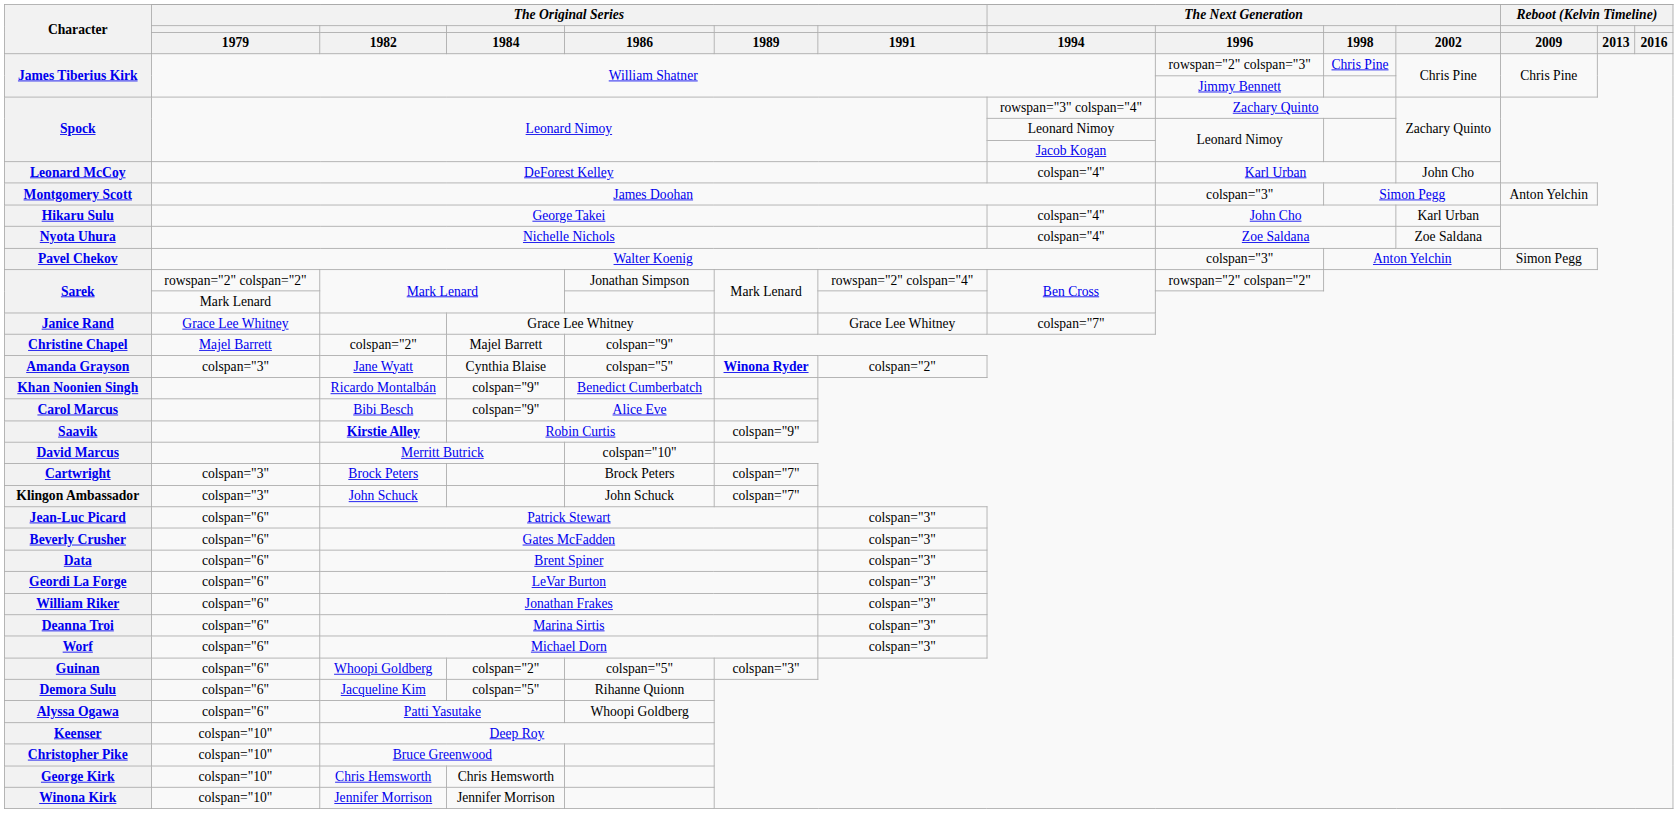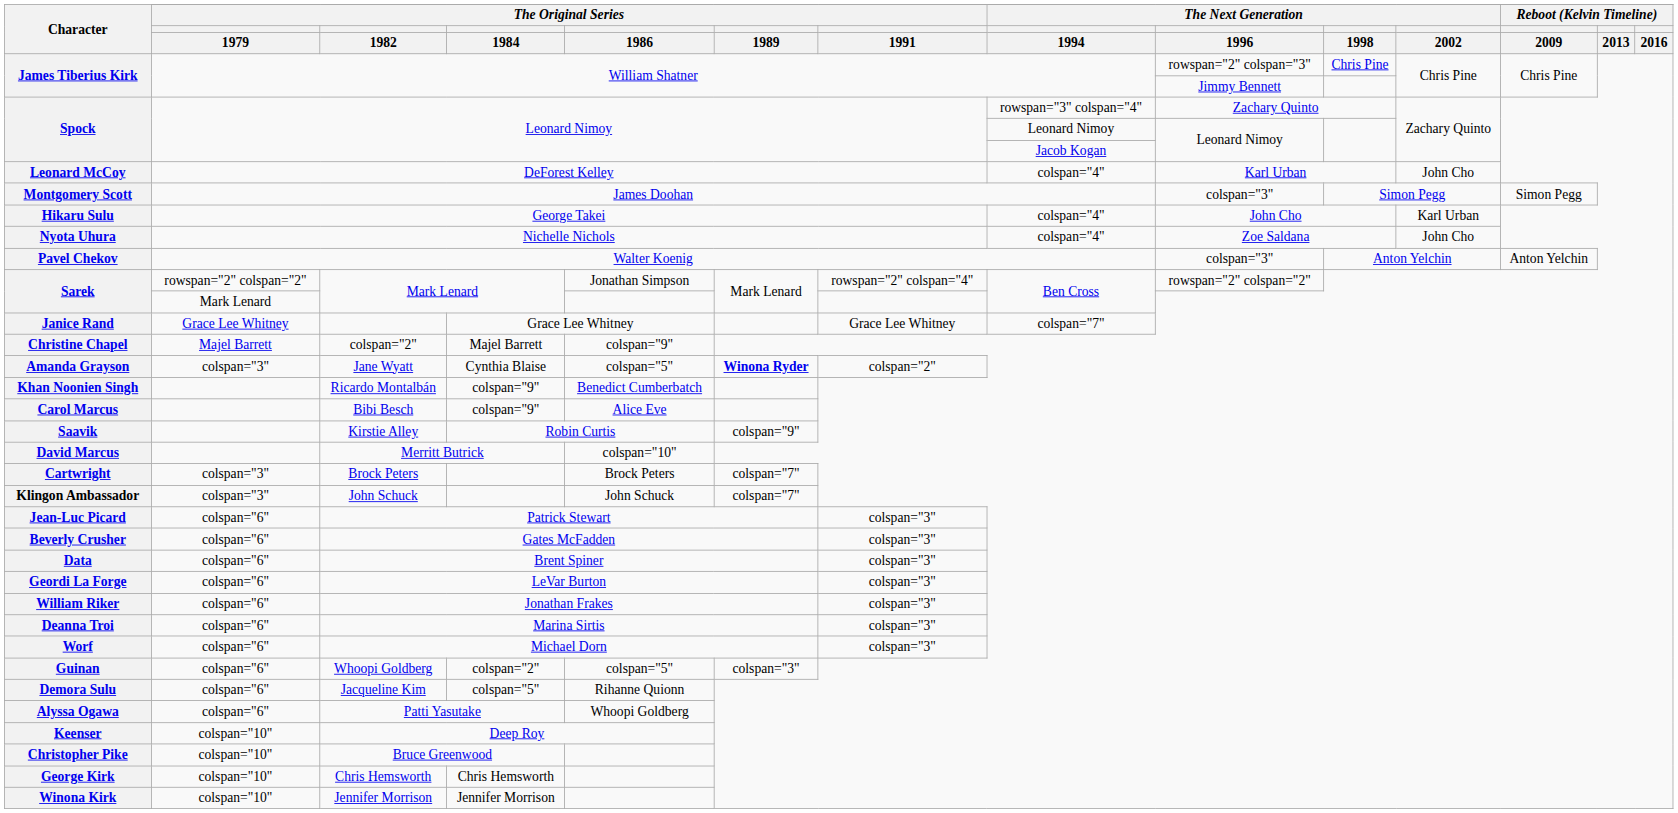 <table class="wikitable" style="text-align:center; width:99%;">
 <tr>
 <th rowspan="4">Character</th>
 </tr>
 <tr>
 <th colspan="6"><em>The Original Series</em></th>
 <th colspan="4"><em>The Next Generation</em></th>
 <th colspan="3"><em>Reboot (Kelvin Timeline)</em></th>
 </tr>
 <tr>
 <th><em><a href='#'></a></em></th>
 <th><em><a href='#'></a></em></th>
 <th><em><a href='#'></a></em></th>
 <th><em><a href='#'></a></em></th>
 <th><em><a href='#'></a></em></th>
 <th><em><a href='#'></a></em></th>
 <th><em><a href='#'></a></em></th>
 <th><em><a href='#'></a></em></th>
 <th><em><a href='#'></a></em></th>
 <th><em><a href='#'></a></em></th>
 <th><em><a href='#'></a></em></th>
 <th><em><a href='#'></a></em></th>
 <th><em><a href='#'></a></em></th>
 </tr>
 <tr>
 <th>1979</th>
 <th>1982</th>
 <th>1984</th>
 <th>1986</th>
 <th>1989</th>
 <th>1991</th>
 <th>1994</th>
 <th>1996</th>
 <th>1998</th>
 <th>2002</th>
 <th>2009</th>
 <th>2013</th>
 <th>2016</th>
 </tr>
 <tr>
 <th rowspan="2"><a href='#'>James Tiberius Kirk</a></th>
 <td rowspan="2" colspan="7"><a href='#'>William Shatner</a></td>
 <td>rowspan="2" colspan="3" </td>
 <td><a href='#'>Chris Pine</a></td>
 <td rowspan="2">Chris Pine</td>
 <td rowspan="2">Chris Pine</td>
 </tr>
 <tr>
 <td><a href='#'>Jimmy Bennett</a></td>
 </tr>
 <tr>
 <th rowspan="3"><a href='#'>Spock</a></th>
 <td rowspan="3" colspan="6"><a href='#'>Leonard Nimoy</a></td>
 <td>rowspan="3" colspan="4" </td>
 <td colspan="2"><a href='#'>Zachary Quinto</a></td>
 <td rowspan="3">Zachary Quinto</td>
 </tr>
 <tr>
 <td>Leonard Nimoy</td>
 <td rowspan="2">Leonard Nimoy</td>
 </tr>
 <tr>
 <td><a href='#'>Jacob Kogan</a></td>
 </tr>
 <tr>
 <th><a href='#'>Leonard McCoy</a></th>
 <td colspan="6"><a href='#'>DeForest Kelley</a></td>
 <td>colspan="4" </td>
 <td colspan="2"><a href='#'>Karl Urban</a></td>
 <td>John Cho</td>
 </tr>
 <tr>
 <th><a href='#'>Montgomery Scott</a></th>
 <td colspan="7"><a href='#'>James Doohan</a></td>
 <td>colspan="3" </td>
 <td colspan="2"><a href='#'>Simon Pegg</a></td>
-<td>Anton Yelchin</td>
+<td>Simon Pegg</td>
 </tr>
 <tr>
 <th><a href='#'>Hikaru Sulu</a></th>
 <td colspan="6"><a href='#'>George Takei</a></td>
 <td>colspan="4" </td>
 <td colspan="2"><a href='#'>John Cho</a></td>
 <td>Karl Urban</td>
 </tr>
 <tr>
 <th><a href='#'>Nyota Uhura</a></th>
 <td colspan="6"><a href='#'>Nichelle Nichols</a></td>
 <td>colspan="4" </td>
 <td colspan="2"><a href='#'>Zoe Saldana</a></td>
-<td>Zoe Saldana</td>
+<td>John Cho</td>
 </tr>
 <tr>
 <th><a href='#'>Pavel Chekov</a></th>
 <td colspan="7"><a href='#'>Walter Koenig</a></td>
 <td>colspan="3" </td>
 <td colspan="2"><a href='#'>Anton Yelchin</a></td>
-<td>Simon Pegg</td>
+<td>Anton Yelchin</td>
 </tr>
 <tr>
 <th rowspan="2"><a href='#'>Sarek</a></th>
 <td>rowspan="2" colspan="2" </td>
 <td rowspan="2" colspan="2"><a href='#'>Mark Lenard</a></td>
 <td>Jonathan Simpson</td>
 <td rowspan="2">Mark Lenard</td>
 <td>rowspan="2" colspan="4" </td>
 <td rowspan="2"><a href='#'>Ben Cross</a></td>
 <td>rowspan="2" colspan="2" </td>
 </tr>
 <tr>
 <td>Mark Lenard</td>
 </tr>
 <tr>
 <th><a href='#'>Janice Rand</a></th>
 <td><a href='#'>Grace Lee Whitney</a></td>
 <td></td>
 <td colspan="2">Grace Lee Whitney</td>
 <td></td>
 <td>Grace Lee Whitney</td>
 <td>colspan="7" </td>
 </tr>
 <tr>
 <th><a href='#'>Christine Chapel</a></th>
 <td><a href='#'>Majel Barrett</a></td>
 <td>colspan="2" </td>
 <td>Majel Barrett</td>
 <td>colspan="9" </td>
 </tr>
 <tr>
 <th><a href='#'>Amanda Grayson</a></th>
 <td>colspan="3" </td>
 <td><a href='#'>Jane Wyatt</a></td>
 <td>Cynthia Blaise</td>
 <td>colspan="5" </td>
 <td><strong><a href='#'>Winona Ryder</a></strong></td>
 <td>colspan="2" </td>
 </tr>
 <tr>
 <th><a href='#'>Khan Noonien Singh</a></th>
 <td></td>
 <td><a href='#'>Ricardo Montalbán</a></td>
 <td>colspan="9" </td>
 <td><a href='#'>Benedict Cumberbatch</a></td>
 <td></td>
 </tr>
 <tr>
 <th><a href='#'>Carol Marcus</a></th>
 <td></td>
 <td><a href='#'>Bibi Besch</a></td>
 <td>colspan="9" </td>
 <td><a href='#'>Alice Eve</a></td>
 <td></td>
 </tr>
 <tr>
 <th><a href='#'>Saavik</a></th>
 <td></td>
-<td><strong><a href='#'>Kirstie Alley</a></strong></td>
+<td><a href='#'>Kirstie Alley</a></td>
 <td colspan="2"><a href='#'>Robin Curtis</a></td>
 <td>colspan="9" </td>
 </tr>
 <tr>
 <th><a href='#'>David Marcus</a></th>
 <td></td>
 <td colspan="2"><a href='#'>Merritt Butrick</a></td>
 <td>colspan="10" </td>
 </tr>
 <tr>
 <th><a href='#'>Cartwright</a></th>
 <td>colspan="3" </td>
 <td><a href='#'>Brock Peters</a></td>
 <td></td>
 <td>Brock Peters</td>
 <td>colspan="7" </td>
 </tr>
 <tr>
 <th>Klingon Ambassador</th>
 <td>colspan="3" </td>
 <td><a href='#'>John Schuck</a></td>
 <td></td>
 <td>John Schuck</td>
 <td>colspan="7" </td>
 </tr>
 <tr>
 <th><a href='#'>Jean-Luc Picard</a></th>
 <td>colspan="6" </td>
 <td colspan="4"><a href='#'>Patrick Stewart</a></td>
 <td>colspan="3" </td>
 </tr>
 <tr>
 <th><a href='#'>Beverly Crusher</a></th>
 <td>colspan="6" </td>
 <td colspan="4"><a href='#'>Gates McFadden</a></td>
 <td>colspan="3" </td>
 </tr>
 <tr>
 <th><a href='#'>Data</a></th>
 <td>colspan="6" </td>
 <td colspan="4"><a href='#'>Brent Spiner</a></td>
 <td>colspan="3" </td>
 </tr>
 <tr>
 <th><a href='#'>Geordi La Forge</a></th>
 <td>colspan="6" </td>
 <td colspan="4"><a href='#'>LeVar Burton</a></td>
 <td>colspan="3" </td>
 </tr>
 <tr>
 <th><a href='#'>William Riker</a></th>
 <td>colspan="6" </td>
 <td colspan="4"><a href='#'>Jonathan Frakes</a></td>
 <td>colspan="3" </td>
 </tr>
 <tr>
 <th><a href='#'>Deanna Troi</a></th>
 <td>colspan="6" </td>
 <td colspan="4"><a href='#'>Marina Sirtis</a></td>
 <td>colspan="3" </td>
 </tr>
 <tr>
 <th><a href='#'>Worf</a></th>
 <td>colspan="6" </td>
 <td colspan="4"><a href='#'>Michael Dorn</a></td>
 <td>colspan="3" </td>
 </tr>
 <tr>
 <th><a href='#'>Guinan</a></th>
 <td>colspan="6" </td>
 <td><a href='#'>Whoopi Goldberg</a></td>
 <td>colspan="2" </td>
 <td>colspan="5" </td>
 <td>colspan="3" </td>
 </tr>
 <tr>
 <th><a href='#'>Demora Sulu</a></th>
 <td>colspan="6" </td>
 <td><a href='#'>Jacqueline Kim</a></td>
 <td>colspan="5" </td>
 <td>Rihanne Quionn</td>
 </tr>
 <tr>
 <th><a href='#'>Alyssa Ogawa</a></th>
 <td>colspan="6" </td>
 <td colspan="2"><a href='#'>Patti Yasutake</a></td>
 <td>Whoopi Goldberg</td>
 </tr>
 <tr>
 <th><a href='#'>Keenser</a></th>
 <td>colspan="10" </td>
 <td colspan="3"><a href='#'>Deep Roy</a></td>
 </tr>
 <tr>
 <th><a href='#'>Christopher Pike</a></th>
 <td>colspan="10" </td>
 <td colspan="2"><a href='#'>Bruce Greenwood</a></td>
 <td></td>
 </tr>
 <tr>
 <th><a href='#'>George Kirk</a></th>
 <td>colspan="10" </td>
 <td><a href='#'>Chris Hemsworth</a></td>
 <td>Chris Hemsworth</td>
 <td></td>
 </tr>
 <tr>
 <th><a href='#'>Winona Kirk</a></th>
 <td>colspan="10" </td>
 <td><a href='#'>Jennifer Morrison</a></td>
 <td>Jennifer Morrison</td>
 <td></td>
 </tr>
 </table>
